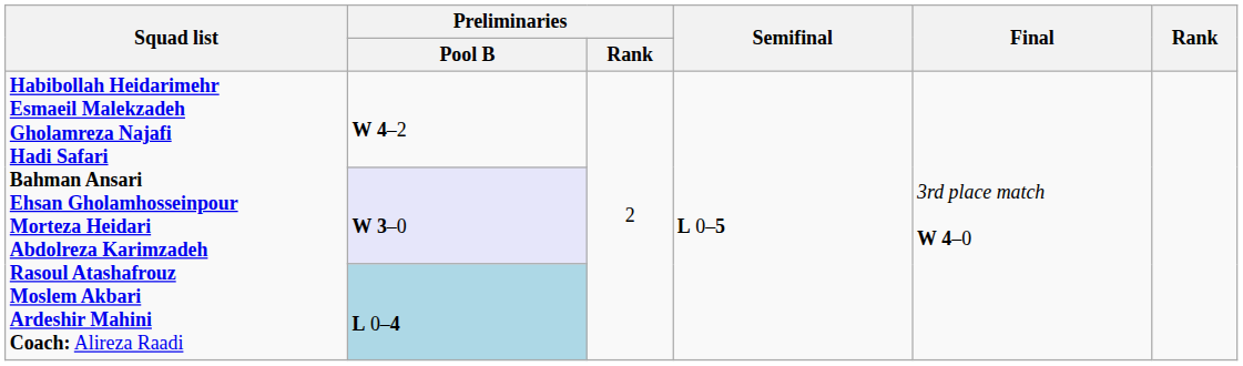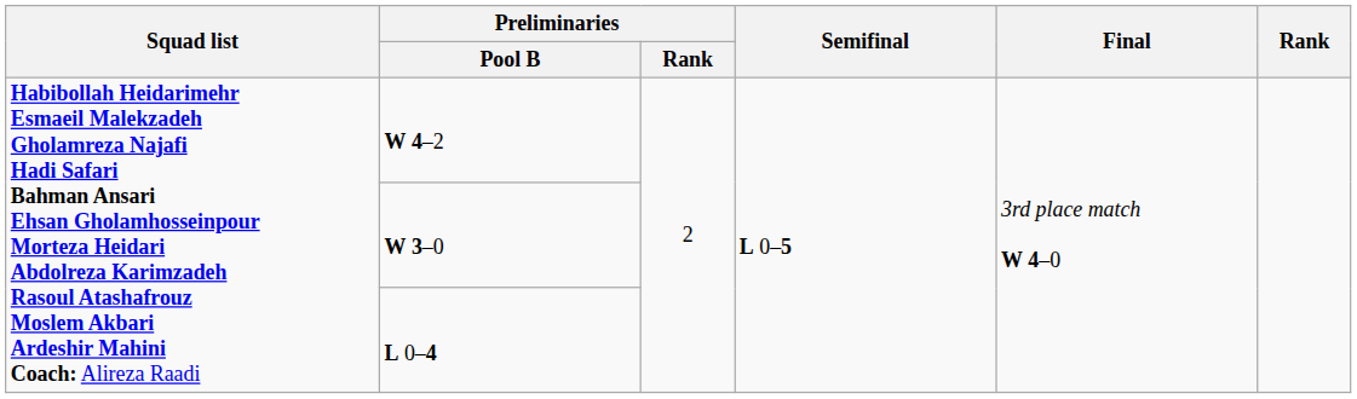 <table class="wikitable" width="71%" style="text-align:left; font-size:90%">
 <tr>
 <th rowspan="2" width="20%">Squad list</th>
 <th colspan="2">Preliminaries</th>
 <th rowspan="2" width="14%">Semifinal</th>
 <th rowspan="2" width="14%">Final</th>
 <th rowspan="2" width="5%">Rank</th>
 </tr>
 <tr>
 <th width="14%">Pool B</th>
 <th width="5%">Rank</th>
 </tr>
 <tr>
 <td rowspan="3"><strong><a href='#'>Habibollah Heidarimehr</a><br><a href='#'>Esmaeil Malekzadeh</a><br><a href='#'>Gholamreza Najafi</a><br><a href='#'>Hadi Safari</a><br>Bahman Ansari<br><a href='#'>Ehsan Gholamhosseinpour</a><br><a href='#'>Morteza Heidari</a><br><a href='#'>Abdolreza Karimzadeh</a><br><a href='#'>Rasoul Atashafrouz</a><br><a href='#'>Moslem Akbari</a><br><a href='#'>Ardeshir Mahini</a><br>Coach:</strong> <a href='#'>Alireza Raadi</a></td>
 <td><br><strong>W</strong> <strong>4</strong>–2</td>
 <td rowspan="3" align=center>2 <strong></strong></td>
 <td rowspan="3"><br><strong>L</strong> 0–<strong>5</strong></td>
 <td rowspan="3"><em>3rd place match</em><br><br><strong>W</strong> <strong>4</strong>–0</td>
 <td rowspan="3" align="center"></td>
 </tr>
 <tr>
-<td style="background: lavender;"><br><strong>W</strong> <strong>3</strong>–0</td>
+<td><br><strong>W</strong> <strong>3</strong>–0</td>
 </tr>
 <tr>
-<td style="background: lightblue;"><br><strong>L</strong> 0–<strong>4</strong></td>
+<td><br><strong>L</strong> 0–<strong>4</strong></td>
 </tr>
 </table>
